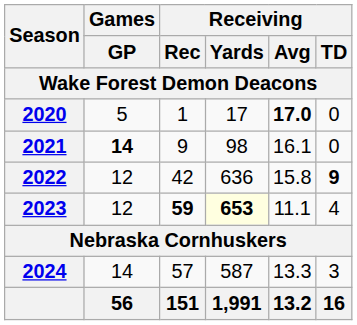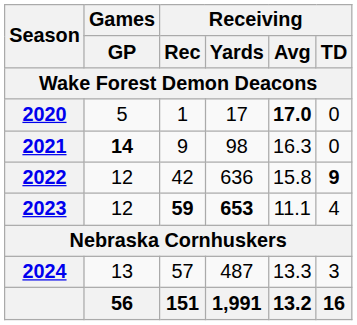 <table class="wikitable" style="text-align:center;">
 <tr>
 <th rowspan="2">Season</th>
 <th>Games</th>
 <th colspan="4">Receiving</th>
 </tr>
 <tr>
 <th>GP</th>
 <th>Rec</th>
 <th>Yards</th>
 <th>Avg</th>
 <th>TD</th>
 </tr>
 <tr>
 <th colspan="8">Wake Forest Demon Deacons</th>
 </tr>
 <tr>
 <th><a href='#'>2020</a></th>
 <td>5</td>
 <td>1</td>
 <td>17</td>
 <td><strong>17.0</strong></td>
 <td>0</td>
 </tr>
 <tr>
 <th><a href='#'>2021</a></th>
 <td><strong>14</strong></td>
 <td>9</td>
 <td>98</td>
-<td>16.1</td>
+<td>16.3</td>
 <td>0</td>
 </tr>
 <tr>
 <th><a href='#'>2022</a></th>
 <td>12</td>
 <td>42</td>
 <td>636</td>
 <td>15.8</td>
 <td><strong>9</strong></td>
 </tr>
 <tr>
 <th><a href='#'>2023</a></th>
 <td>12</td>
 <td><strong>59</strong></td>
-<td style="background: lightyellow;"><strong>653</strong></td>
+<td><strong>653</strong></td>
 <td>11.1</td>
 <td>4</td>
 </tr>
 <tr>
 <th colspan="8">Nebraska Cornhuskers</th>
 </tr>
 <tr>
 <th><a href='#'>2024</a></th>
-<td>14</td>
+<td>13</td>
 <td>57</td>
-<td>587</td>
+<td>487</td>
 <td>13.3</td>
 <td>3</td>
 </tr>
 <tr>
 <th></th>
 <th>56</th>
 <th>151</th>
 <th>1,991</th>
 <th>13.2</th>
 <th>16</th>
 </tr>
 </table>
